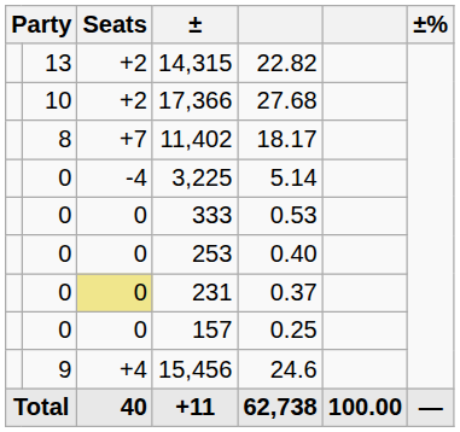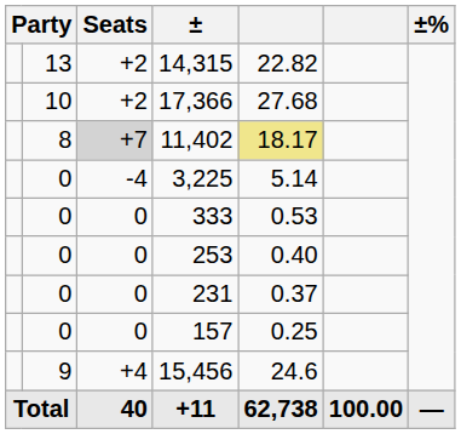 <table class=wikitable>
 <tr>
 <th colspan=2 align=center>Party</th>
 <th>Seats</th>
 <th>±</th>
 <th></th>
 <th></th>
 <th>±%</th>
 </tr>
 <tr>
 <td></td>
 <td align=right>13</td>
 <td align=right>+2</td>
 <td align=right>14,315</td>
 <td align=right>22.82</td>
 <td align=right></td>
 </tr>
 <tr>
 <td></td>
 <td align=right>10</td>
 <td align=right>+2</td>
 <td align=right>17,366</td>
 <td align=right>27.68</td>
 <td align=right></td>
 </tr>
 <tr>
 <td></td>
 <td align=right>8</td>
-<td align=right>+7</td>
+<td align=right style="background: lightgrey;">+7</td>
 <td align=right>11,402</td>
-<td align=right>18.17</td>
+<td align=right style="background: khaki;">18.17</td>
 <td align=right></td>
 </tr>
 <tr>
 <td></td>
 <td align=right>0</td>
 <td align=right>-4</td>
 <td align=right>3,225</td>
 <td align=right>5.14</td>
 <td align=right></td>
 </tr>
 <tr>
 <td></td>
 <td align=right>0</td>
 <td align=right>0</td>
 <td align=right>333</td>
 <td align=right>0.53</td>
 <td align=right></td>
 </tr>
 <tr>
 <td></td>
 <td align=right>0</td>
 <td align=right>0</td>
 <td align=right>253</td>
 <td align=right>0.40</td>
 <td align=right></td>
 </tr>
 <tr>
 <td></td>
 <td align=right>0</td>
-<td align=right style="background: khaki;">0</td>
+<td align=right>0</td>
 <td align=right>231</td>
 <td align=right>0.37</td>
 <td align=right></td>
 </tr>
 <tr>
 <td></td>
 <td align=right>0</td>
 <td align=right>0</td>
 <td align=right>157</td>
 <td align=right>0.25</td>
 <td align=right></td>
 </tr>
 <tr>
 <td></td>
 <td align=right>9</td>
 <td align=right>+4</td>
 <td align=right>15,456</td>
 <td align=right>24.6</td>
 <td align=right></td>
 </tr>
 <tr style="font-weight:bold; background:rgb(232,232,232);">
 <td colspan=2 align=center>Total</td>
 <td align=right>40</td>
 <td align=center>+11</td>
 <td align=right>62,738</td>
 <td align=center>100.00</td>
 <td align=center>—</td>
 </tr>
 </table>
